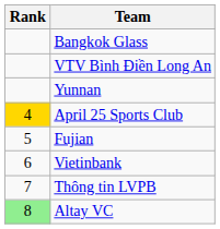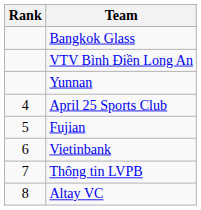 <table class="wikitable" style="text-align: center;">
 <tr>
 <th width=40>Rank</th>
 <th>Team</th>
 </tr>
 <tr>
 <td></td>
 <td align=left> <a href='#'>Bangkok Glass</a></td>
 </tr>
 <tr>
 <td></td>
 <td align=left> <a href='#'>VTV Bình Điền Long An</a></td>
 </tr>
 <tr>
 <td></td>
 <td align=left> <a href='#'>Yunnan</a></td>
 </tr>
 <tr>
-<td style="background: gold;">4</td>
+<td>4</td>
 <td align=left> <a href='#'>April 25 Sports Club</a></td>
 </tr>
 <tr>
 <td>5</td>
 <td align=left> <a href='#'>Fujian</a></td>
 </tr>
 <tr>
 <td>6</td>
 <td align=left> <a href='#'>Vietinbank</a></td>
 </tr>
 <tr>
 <td>7</td>
 <td align=left> <a href='#'>Thông tin LVPB</a></td>
 </tr>
 <tr>
-<td style="background: lightgreen;">8</td>
+<td>8</td>
 <td align=left> <a href='#'>Altay VC</a></td>
 </tr>
 </table>
